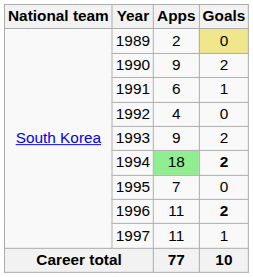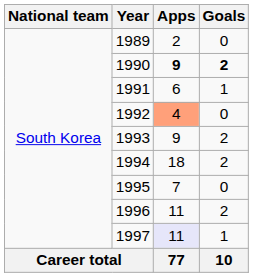 <table class="wikitable" style="text-align:center">
 <tr>
 <th>National team</th>
 <th>Year</th>
 <th>Apps</th>
 <th>Goals</th>
 </tr>
 <tr>
 <td rowspan="9"><a href='#'>South Korea</a></td>
 <td>1989</td>
 <td>2</td>
-<td style="background: khaki;">0</td>
+<td>0</td>
 </tr>
 <tr>
 <td>1990</td>
-<td>9</td>
-<td>2</td>
+<td><strong>9</strong></td>
+<td><strong>2</strong></td>
 </tr>
 <tr>
 <td>1991</td>
 <td>6</td>
 <td>1</td>
 </tr>
 <tr>
 <td>1992</td>
-<td>4</td>
+<td style="background: lightsalmon;">4</td>
 <td>0</td>
 </tr>
 <tr>
 <td>1993</td>
 <td>9</td>
 <td>2</td>
 </tr>
 <tr>
 <td>1994</td>
-<td style="background: lightgreen;">18</td>
-<td><strong>2</strong></td>
+<td>18</td>
+<td>2</td>
 </tr>
 <tr>
 <td>1995</td>
 <td>7</td>
 <td>0</td>
 </tr>
 <tr>
 <td>1996</td>
 <td>11</td>
-<td><strong>2</strong></td>
+<td>2</td>
 </tr>
 <tr>
 <td>1997</td>
-<td>11</td>
+<td style="background: lavender;">11</td>
 <td>1</td>
 </tr>
 <tr>
 <th colspan="2">Career total</th>
 <th>77</th>
 <th>10</th>
 </tr>
 </table>
